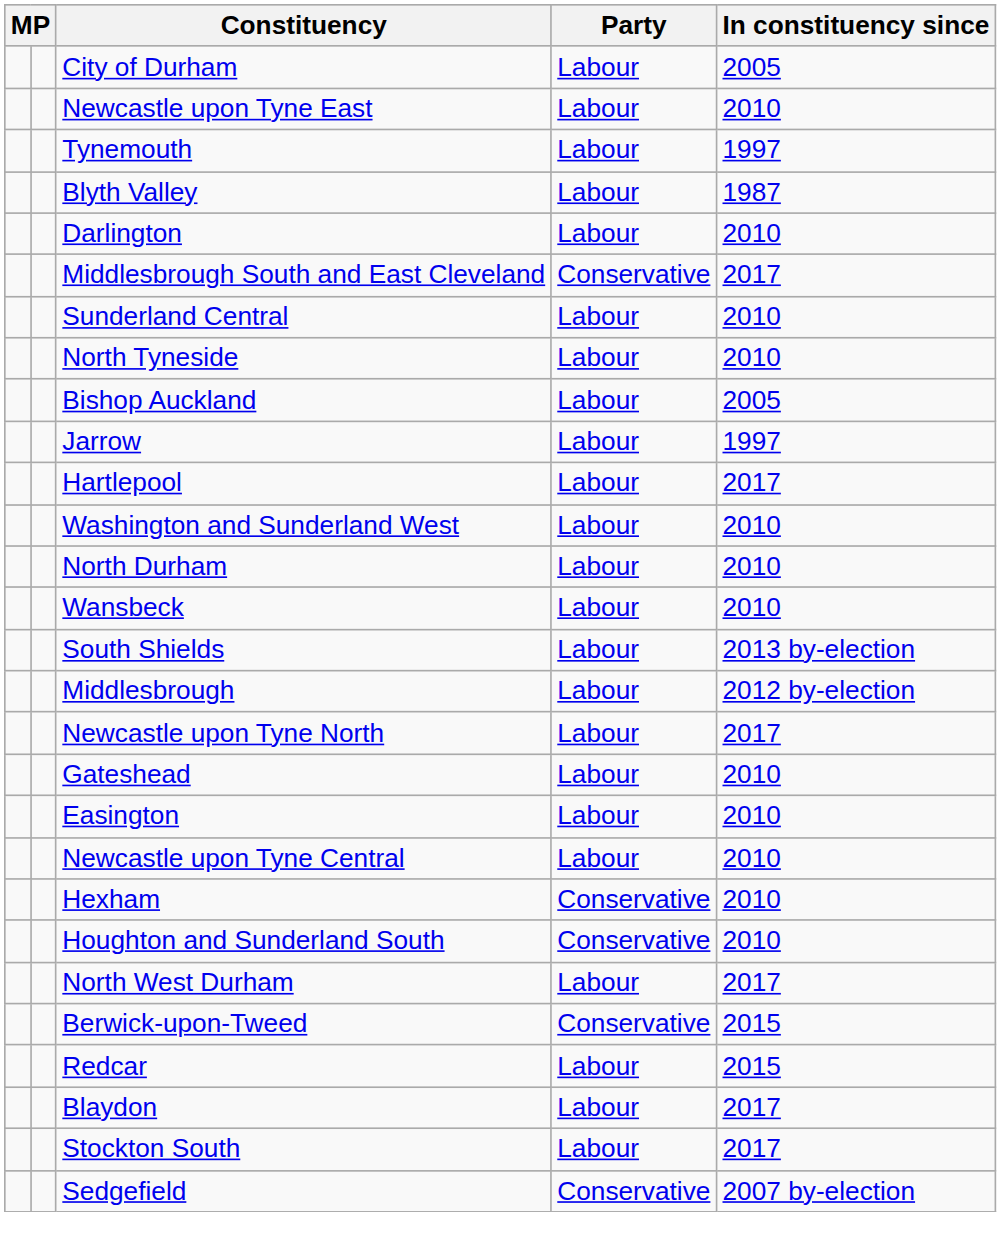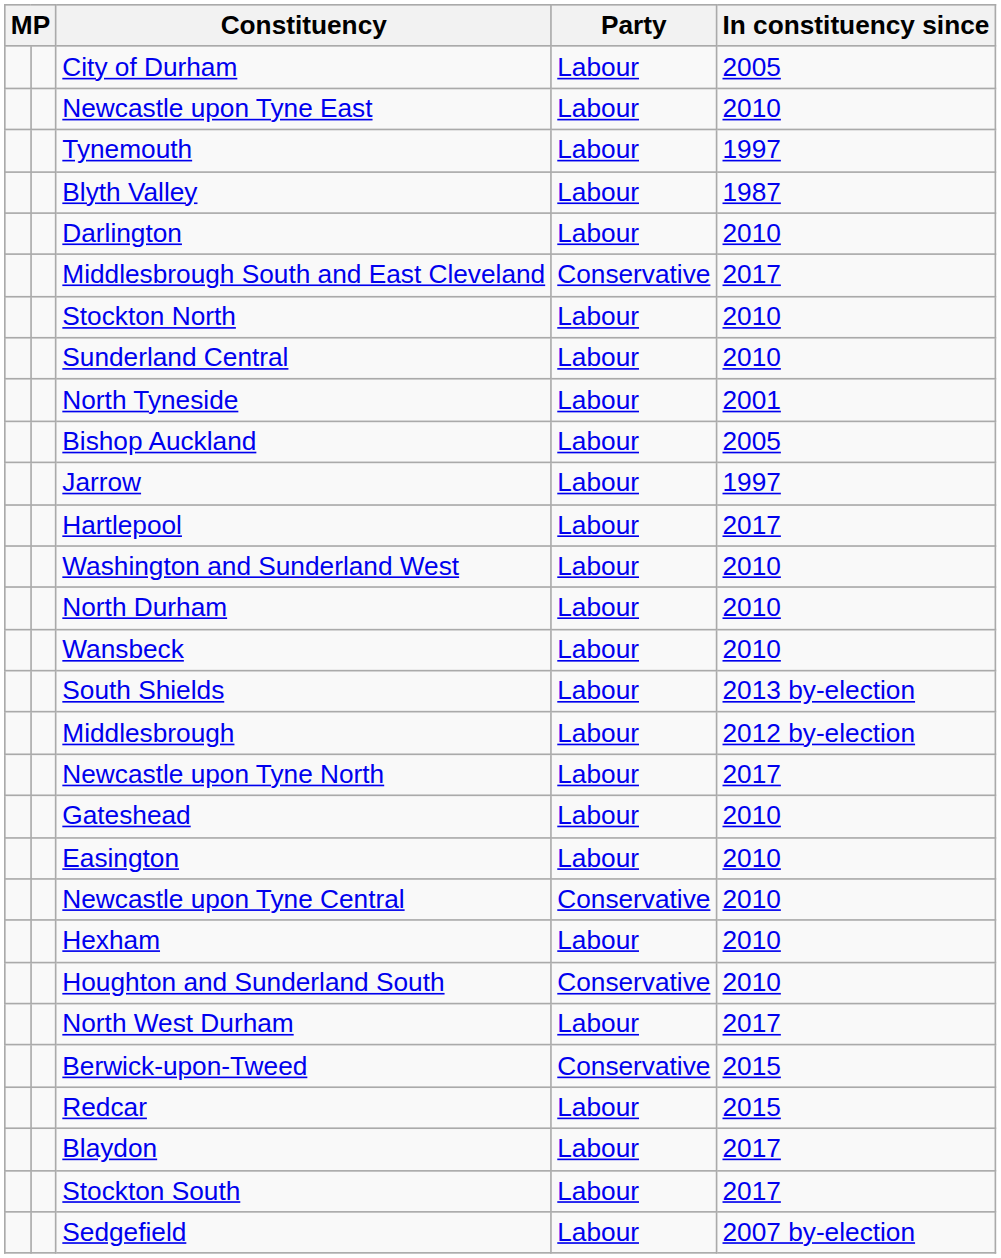 <table class="wikitable sortable">
 <tr>
 <th colspan=2>MP</th>
 <th>Constituency</th>
 <th>Party</th>
 <th>In constituency since</th>
 </tr>
 <tr>
 <td style="background-color: "></td>
 <td></td>
 <td><a href='#'>City of Durham</a></td>
 <td><a href='#'>Labour</a></td>
 <td><a href='#'>2005</a></td>
 </tr>
 <tr>
 <td style="background-color: "></td>
 <td></td>
 <td><a href='#'>Newcastle upon Tyne East</a></td>
 <td><a href='#'>Labour</a></td>
 <td><a href='#'>2010</a></td>
 </tr>
 <tr>
 <td style="background-color: "></td>
 <td></td>
 <td><a href='#'>Tynemouth</a></td>
 <td><a href='#'>Labour</a></td>
 <td><a href='#'>1997</a></td>
 </tr>
 <tr>
 <td style="background-color: "></td>
 <td></td>
 <td><a href='#'>Blyth Valley</a></td>
 <td><a href='#'>Labour</a></td>
 <td><a href='#'>1987</a></td>
 </tr>
 <tr>
 <td style="background-color: "></td>
 <td></td>
 <td><a href='#'>Darlington</a></td>
 <td><a href='#'>Labour</a></td>
 <td><a href='#'>2010</a></td>
 </tr>
 <tr>
 <td style="background-color: "></td>
 <td></td>
 <td><a href='#'>Middlesbrough South and East Cleveland</a></td>
 <td><a href='#'>Conservative</a></td>
 <td><a href='#'>2017</a></td>
 </tr>
 <tr>
 <td style="background-color: "></td>
 <td></td>
+<td><a href='#'>Stockton North</a></td>
+<td><a href='#'>Labour</a></td>
+<td><a href='#'>2010</a></td>
+</tr>
+<tr>
+<td style="background-color: "></td>
+<td></td>
 <td><a href='#'>Sunderland Central</a></td>
 <td><a href='#'>Labour</a></td>
 <td><a href='#'>2010</a></td>
 </tr>
 <tr>
 <td style="background-color: "></td>
 <td></td>
 <td><a href='#'>North Tyneside</a></td>
 <td><a href='#'>Labour</a></td>
-<td><a href='#'>2010</a></td>
+<td><a href='#'>2001</a></td>
 </tr>
 <tr>
 <td style="background-color: "></td>
 <td></td>
 <td><a href='#'>Bishop Auckland</a></td>
 <td><a href='#'>Labour</a></td>
 <td><a href='#'>2005</a></td>
 </tr>
 <tr>
 <td style="background-color: "></td>
 <td></td>
 <td><a href='#'>Jarrow</a></td>
 <td><a href='#'>Labour</a></td>
 <td><a href='#'>1997</a></td>
 </tr>
 <tr>
 <td style="background-color: "></td>
 <td></td>
 <td><a href='#'>Hartlepool</a></td>
 <td><a href='#'>Labour</a></td>
 <td><a href='#'>2017</a></td>
 </tr>
 <tr>
 <td style="background-color: "></td>
 <td></td>
 <td><a href='#'>Washington and Sunderland West</a></td>
 <td><a href='#'>Labour</a></td>
 <td><a href='#'>2010</a></td>
 </tr>
 <tr>
 <td style="background-color: "></td>
 <td></td>
 <td><a href='#'>North Durham</a></td>
 <td><a href='#'>Labour</a></td>
 <td><a href='#'>2010</a></td>
 </tr>
 <tr>
 <td style="background-color: "></td>
 <td></td>
 <td><a href='#'>Wansbeck</a></td>
 <td><a href='#'>Labour</a></td>
 <td><a href='#'>2010</a></td>
 </tr>
 <tr>
 <td style="background-color: "></td>
 <td></td>
 <td><a href='#'>South Shields</a></td>
 <td><a href='#'>Labour</a></td>
 <td><a href='#'>2013 by-election</a></td>
 </tr>
 <tr>
 <td style="background-color: "></td>
 <td></td>
 <td><a href='#'>Middlesbrough</a></td>
 <td><a href='#'>Labour</a></td>
 <td><a href='#'>2012 by-election</a></td>
 </tr>
 <tr>
 <td style="background-color: "></td>
 <td></td>
 <td><a href='#'>Newcastle upon Tyne North</a></td>
 <td><a href='#'>Labour</a></td>
 <td><a href='#'>2017</a></td>
 </tr>
 <tr>
 <td style="background-color: "></td>
 <td></td>
 <td><a href='#'>Gateshead</a></td>
 <td><a href='#'>Labour</a></td>
 <td><a href='#'>2010</a></td>
 </tr>
 <tr>
 <td style="background-color: "></td>
 <td></td>
 <td><a href='#'>Easington</a></td>
 <td><a href='#'>Labour</a></td>
 <td><a href='#'>2010</a></td>
 </tr>
 <tr>
 <td style="background-color: "></td>
 <td></td>
 <td><a href='#'>Newcastle upon Tyne Central</a></td>
-<td><a href='#'>Labour</a></td>
+<td><a href='#'>Conservative</a></td>
 <td><a href='#'>2010</a></td>
 </tr>
 <tr>
 <td style="background-color: "></td>
 <td></td>
 <td><a href='#'>Hexham</a></td>
-<td><a href='#'>Conservative</a></td>
+<td><a href='#'>Labour</a></td>
 <td><a href='#'>2010</a></td>
 </tr>
 <tr>
 <td style="background-color: "></td>
 <td></td>
 <td><a href='#'>Houghton and Sunderland South</a></td>
 <td><a href='#'>Conservative</a></td>
 <td><a href='#'>2010</a></td>
 </tr>
 <tr>
 <td style="background-color: "></td>
 <td></td>
 <td><a href='#'>North West Durham</a></td>
 <td><a href='#'>Labour</a></td>
 <td><a href='#'>2017</a></td>
 </tr>
 <tr>
 <td style="background-color: "></td>
 <td></td>
 <td><a href='#'>Berwick-upon-Tweed</a></td>
 <td><a href='#'>Conservative</a></td>
 <td><a href='#'>2015</a></td>
 </tr>
 <tr>
 <td style="background-color: "></td>
 <td></td>
 <td><a href='#'>Redcar</a></td>
 <td><a href='#'>Labour</a></td>
 <td><a href='#'>2015</a></td>
 </tr>
 <tr>
 <td style="background-color: "></td>
 <td></td>
 <td><a href='#'>Blaydon</a></td>
 <td><a href='#'>Labour</a></td>
 <td><a href='#'>2017</a></td>
 </tr>
 <tr>
 <td style="background-color: "></td>
 <td></td>
 <td><a href='#'>Stockton South</a></td>
 <td><a href='#'>Labour</a></td>
 <td><a href='#'>2017</a></td>
 </tr>
 <tr>
 <td style="background-color: "></td>
 <td></td>
 <td><a href='#'>Sedgefield</a></td>
-<td><a href='#'>Conservative</a></td>
+<td><a href='#'>Labour</a></td>
 <td><a href='#'>2007 by-election</a></td>
 </tr>
 </table>
